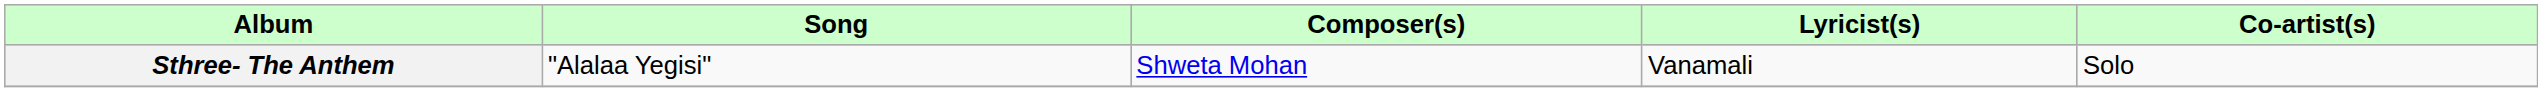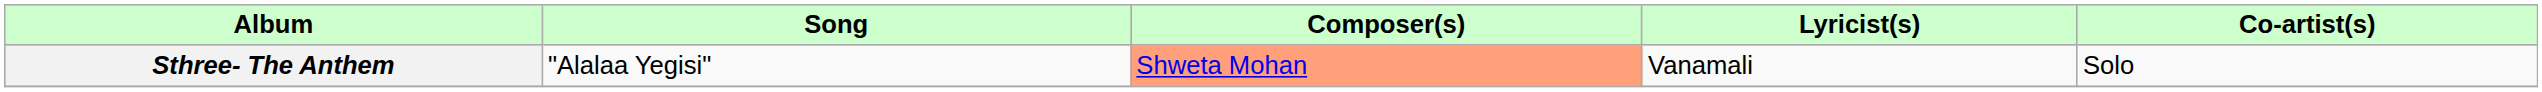 <table class="wikitable plainrowheaders" width="100%" textcolor:#000;">
 <tr style="background:#cfc; text-align:center;">
 <td scope="col" width="21%"><strong>Album</strong></td>
 <td scope="col" width=23%><strong>Song</strong></td>
 <td scope="col" width=20%><strong>Composer(s)</strong></td>
 <td scope="col" width=17%><strong>Lyricist(s)</strong></td>
 <td scope="col" width=18%><strong>Co-artist(s)</strong></td>
 </tr>
 <tr>
 <th><em>Sthree- The Anthem</em></th>
 <td>"Alalaa Yegisi"</td>
-<td><a href='#'>Shweta Mohan</a></td>
+<td style="background: lightsalmon;"><a href='#'>Shweta Mohan</a></td>
 <td>Vanamali</td>
 <td>Solo</td>
 </tr>
 <tr>
 </tr>
 </table>
